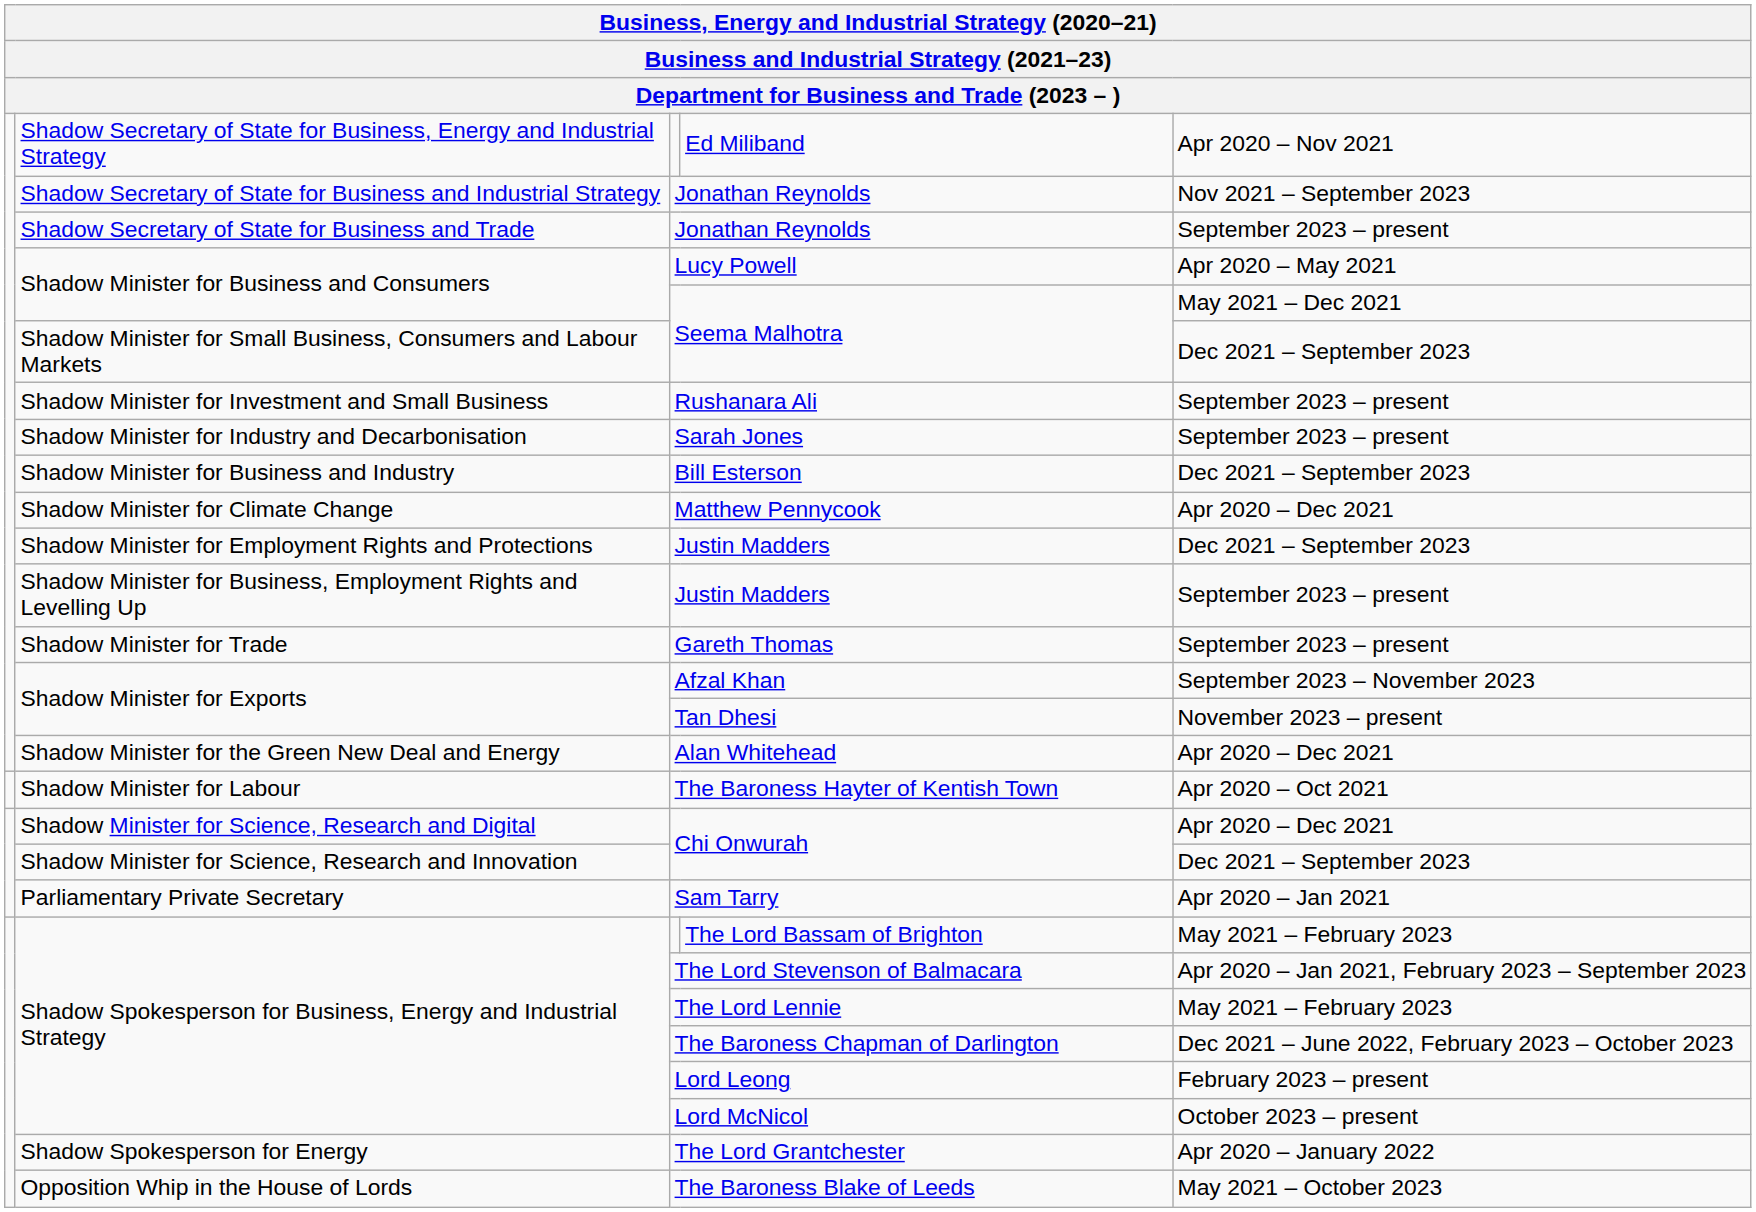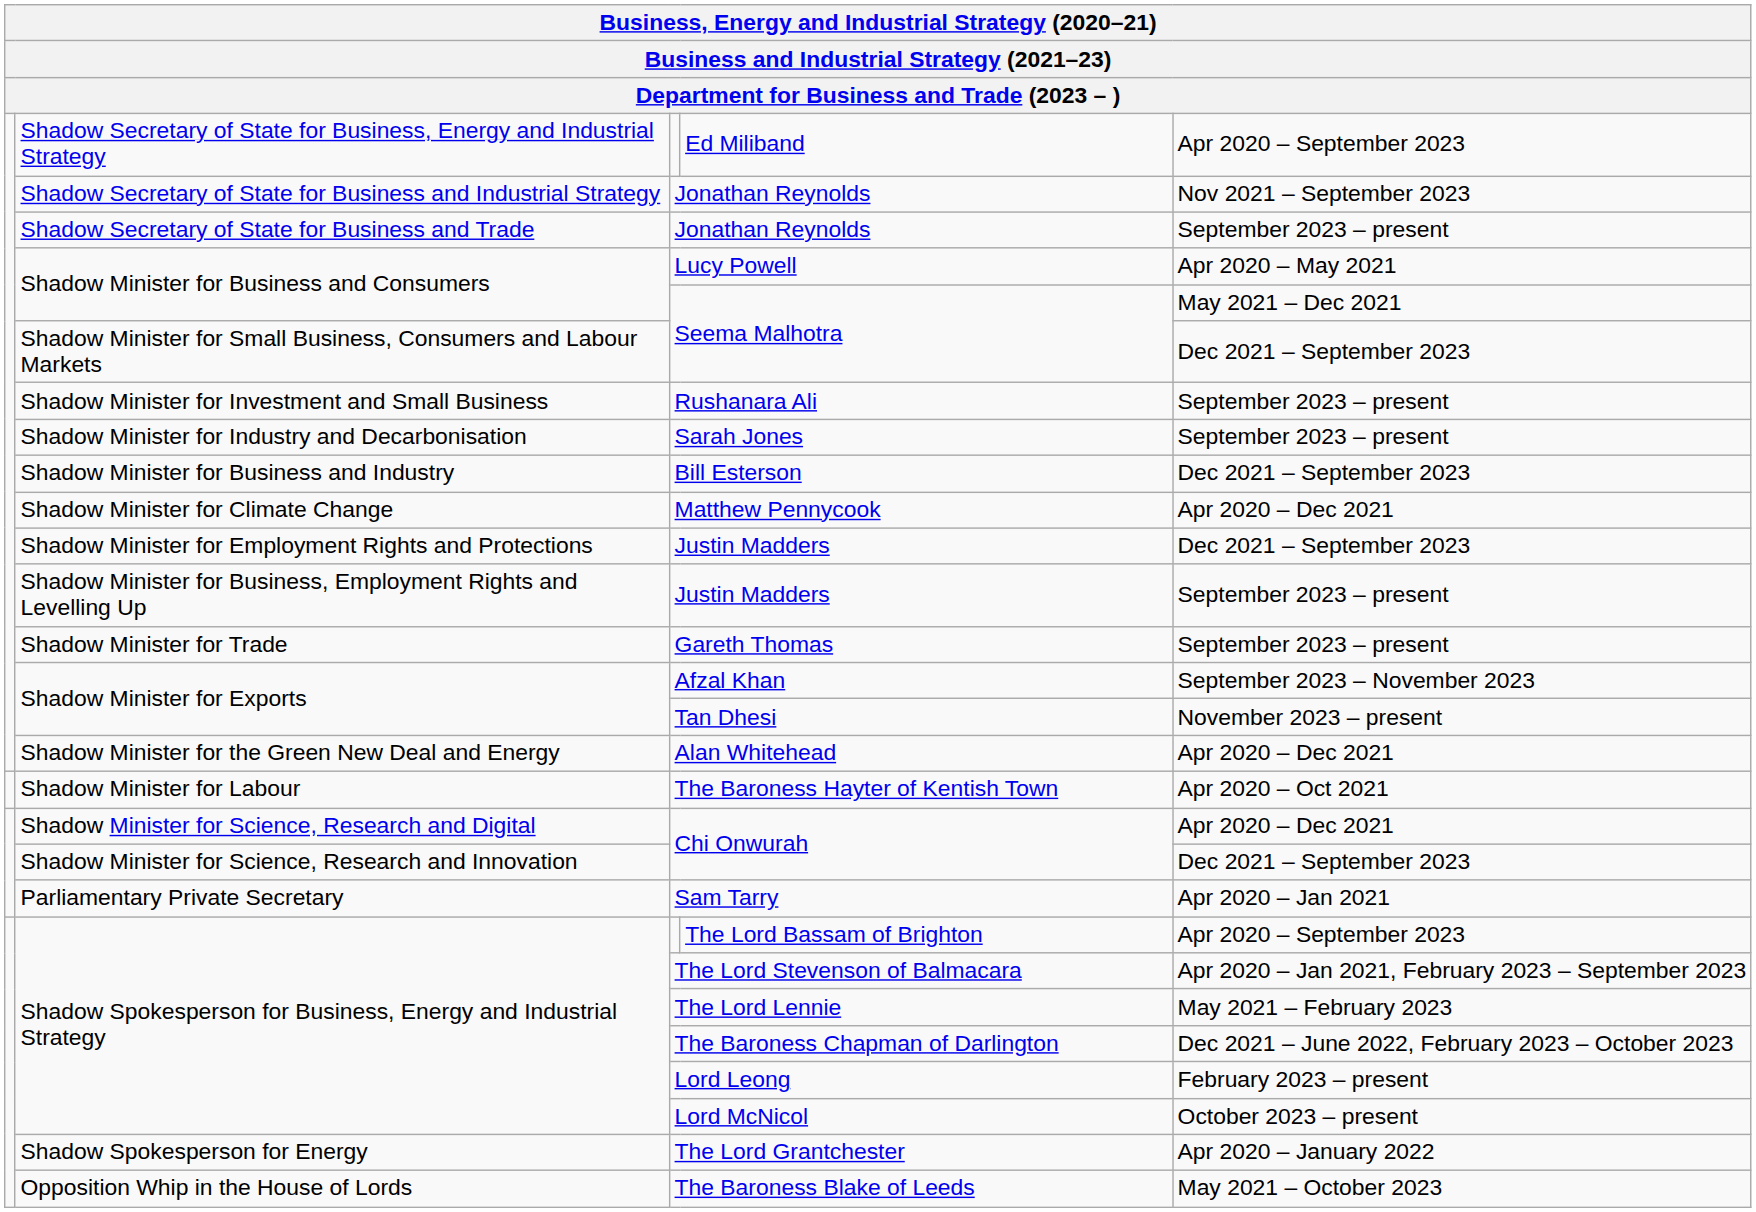 <table class="wikitable">
 <tr>
 <th colspan="5"><a href='#'>Business, Energy and Industrial Strategy</a> (2020–21)</th>
 </tr>
 <tr>
 <th colspan="5"><a href='#'>Business and Industrial Strategy</a> (2021–23)</th>
 </tr>
 <tr>
 <th colspan="5"><a href='#'>Department for Business and Trade</a> (2023 – )</th>
 </tr>
 <tr>
 <td rowspan="16" style="background: "></td>
 <td style="width: 450px;"><a href='#'>Shadow Secretary of State for Business, Energy and Industrial Strategy</a></td>
 <td style="background: "></td>
 <td style="width: 337px;"><a href='#'>Ed Miliband</a></td>
-<td>Apr 2020 – Nov 2021</td>
+<td>Apr 2020 – September 2023</td>
 </tr>
 <tr>
 <td><a href='#'>Shadow Secretary of State for Business and Industrial Strategy</a></td>
 <td colspan="2"><a href='#'>Jonathan Reynolds</a></td>
 <td>Nov 2021 – September 2023</td>
 </tr>
 <tr>
 <td><a href='#'>Shadow Secretary of State for Business and Trade</a></td>
 <td colspan="2"><a href='#'>Jonathan Reynolds</a></td>
 <td>September 2023 – present</td>
 </tr>
 <tr>
 <td rowspan="2">Shadow Minister for Business and Consumers</td>
 <td colspan="2"><a href='#'>Lucy Powell</a></td>
 <td>Apr 2020 – May 2021</td>
 </tr>
 <tr>
 <td colspan="2" rowspan="2"><a href='#'>Seema Malhotra</a></td>
 <td>May 2021 – Dec 2021</td>
 </tr>
 <tr>
 <td>Shadow Minister for Small Business, Consumers and Labour Markets</td>
 <td>Dec 2021 – September 2023</td>
 </tr>
 <tr>
 <td>Shadow Minister for Investment and Small Business</td>
 <td colspan="2"><a href='#'>Rushanara Ali</a></td>
 <td>September 2023 – present</td>
 </tr>
 <tr>
 <td>Shadow Minister for Industry and Decarbonisation</td>
 <td colspan="2"><a href='#'>Sarah Jones</a></td>
 <td>September 2023 – present</td>
 </tr>
 <tr>
 <td>Shadow Minister for Business and Industry</td>
 <td colspan="2"><a href='#'>Bill Esterson</a></td>
 <td>Dec 2021 – September 2023</td>
 </tr>
 <tr>
 <td>Shadow Minister for Climate Change</td>
 <td colspan="2"><a href='#'>Matthew Pennycook</a></td>
 <td>Apr 2020 – Dec 2021</td>
 </tr>
 <tr>
 <td>Shadow Minister for Employment Rights and Protections</td>
 <td colspan="2"><a href='#'>Justin Madders</a></td>
 <td>Dec 2021 – September 2023</td>
 </tr>
 <tr>
 <td>Shadow Minister for Business, Employment Rights and Levelling Up</td>
 <td colspan="2"><a href='#'>Justin Madders</a></td>
 <td>September 2023 – present</td>
 </tr>
 <tr>
 <td>Shadow Minister for Trade</td>
 <td colspan="2"><a href='#'>Gareth Thomas</a></td>
 <td>September 2023 – present</td>
 </tr>
 <tr>
 <td rowspan="2">Shadow Minister for Exports</td>
 <td colspan="2"><a href='#'>Afzal Khan</a></td>
 <td>September 2023 – November 2023</td>
 </tr>
 <tr>
 <td colspan="2"><a href='#'>Tan Dhesi</a></td>
 <td>November 2023 – present</td>
 </tr>
 <tr>
 <td>Shadow Minister for the Green New Deal and Energy</td>
 <td colspan="2"><a href='#'>Alan Whitehead</a></td>
 <td>Apr 2020 – Dec 2021</td>
 </tr>
 <tr>
 <td style="background: "></td>
 <td>Shadow Minister for Labour</td>
 <td colspan="2"><a href='#'>The Baroness Hayter of Kentish Town</a></td>
 <td>Apr 2020 – Oct 2021</td>
 </tr>
 <tr>
 <td rowspan="3" style="background: "></td>
 <td>Shadow <a href='#'>Minister for Science, Research and Digital</a></td>
 <td colspan="2" rowspan="2"><a href='#'>Chi Onwurah</a></td>
 <td>Apr 2020 – Dec 2021</td>
 </tr>
 <tr>
 <td>Shadow Minister for Science, Research and Innovation</td>
 <td>Dec 2021 – September 2023</td>
 </tr>
 <tr>
 <td>Parliamentary Private Secretary</td>
 <td colspan="2"><a href='#'>Sam Tarry</a></td>
 <td>Apr 2020 – Jan 2021</td>
 </tr>
 <tr>
 <td rowspan="8" style="background: "></td>
 <td rowspan="6">Shadow Spokesperson for Business, Energy and Industrial Strategy</td>
 <td style="background: "></td>
 <td><a href='#'>The Lord Bassam of Brighton</a></td>
-<td>May 2021 – February 2023</td>
+<td>Apr 2020 – September 2023</td>
 </tr>
 <tr>
 <td colspan="2"><a href='#'>The Lord Stevenson of Balmacara</a></td>
 <td>Apr 2020 – Jan 2021, February 2023 – September 2023</td>
 </tr>
 <tr>
 <td colspan="2"><a href='#'>The Lord Lennie</a></td>
 <td>May 2021 – February 2023</td>
 </tr>
 <tr>
 <td colspan="2"><a href='#'>The Baroness Chapman of Darlington</a></td>
 <td>Dec 2021 – June 2022, February 2023 – October 2023</td>
 </tr>
 <tr>
 <td colspan="2"><a href='#'>Lord Leong</a></td>
 <td>February 2023 – present</td>
 </tr>
 <tr>
 <td colspan="2"><a href='#'>Lord McNicol</a></td>
 <td>October 2023 – present</td>
 </tr>
 <tr>
 <td>Shadow Spokesperson for Energy</td>
 <td colspan="2"><a href='#'>The Lord Grantchester</a></td>
 <td>Apr 2020 – January 2022</td>
 </tr>
 <tr>
 <td>Opposition Whip in the House of Lords</td>
 <td colspan="2"><a href='#'>The Baroness Blake of Leeds</a></td>
 <td>May 2021 – October 2023</td>
 </tr>
 </table>
